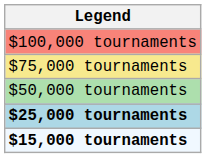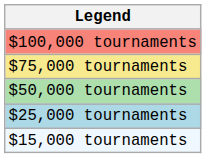 <table class=wikitable style="font-size:85%">
 <tr>
 <th>Legend</th>
 </tr>
 <tr style="background:#f88379;">
 <td>$100,000 tournaments</td>
 </tr>
 <tr style="background:#f7e98e;">
 <td>$75,000 tournaments</td>
 </tr>
 <tr style="background:#addfad;">
 <td>$50,000 tournaments</td>
 </tr>
 <tr style="background:lightblue;">
-<td><strong>$25,000 tournaments</strong></td>
+<td>$25,000 tournaments</td>
 </tr>
 <tr style="background:#f0f8ff;">
-<td><strong>$15,000 tournaments</strong></td>
+<td>$15,000 tournaments</td>
 </tr>
 </table>
